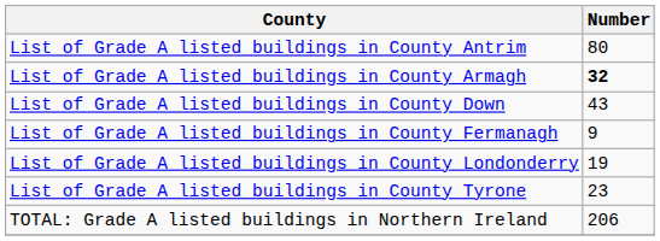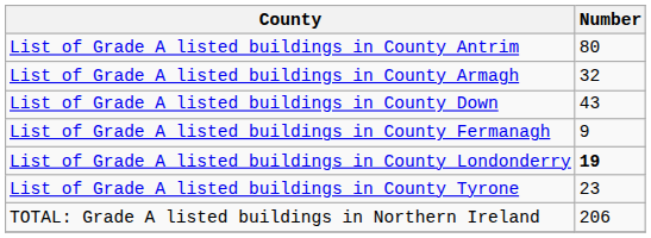 <table class="wikitable sortable">
 <tr>
 <th><strong>County</strong></th>
 <th><strong>Number</strong></th>
 </tr>
 <tr ->
 <td><a href='#'>List of Grade A listed buildings in County Antrim</a></td>
 <td>80</td>
 </tr>
 <tr ->
 <td><a href='#'>List of Grade A listed buildings in County Armagh</a></td>
-<td><strong>32</strong></td>
+<td>32</td>
 </tr>
 <tr ->
 <td><a href='#'>List of Grade A listed buildings in County Down</a></td>
 <td>43</td>
 </tr>
 <tr ->
 <td><a href='#'>List of Grade A listed buildings in County Fermanagh</a></td>
 <td>9</td>
 </tr>
 <tr ->
 <td><a href='#'>List of Grade A listed buildings in County Londonderry</a></td>
-<td>19</td>
+<td><strong>19</strong></td>
 </tr>
 <tr ->
 <td><a href='#'>List of Grade A listed buildings in County Tyrone</a></td>
 <td>23</td>
 </tr>
 <tr -class=sortbottom>
 <td>TOTAL: Grade A listed buildings in Northern Ireland</td>
 <td>206</td>
 </tr>
 <tr ->
 </tr>
 </table>
